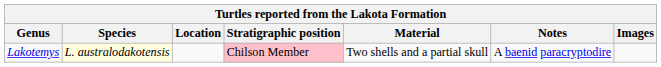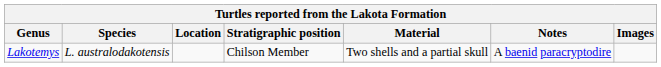 <table class="wikitable" align="center">
 <tr>
 <th colspan="7" align="center"><strong>Turtles reported from the Lakota Formation</strong></th>
 </tr>
 <tr>
 <th>Genus</th>
 <th>Species</th>
 <th>Location</th>
 <th>Stratigraphic position</th>
 <th>Material</th>
 <th>Notes</th>
 <th>Images</th>
 </tr>
 <tr>
 <td><em><a href='#'>Lakotemys</a></em></td>
-<td style="background: lightyellow;"><em>L. australodakotensis</em></td>
+<td><em>L. australodakotensis</em></td>
 <td></td>
-<td style="background: pink;">Chilson Member</td>
+<td>Chilson Member</td>
 <td>Two shells and a partial skull</td>
 <td>A <a href='#'>baenid</a> <a href='#'>paracryptodire</a></td>
 <td></td>
 </tr>
 </table>
